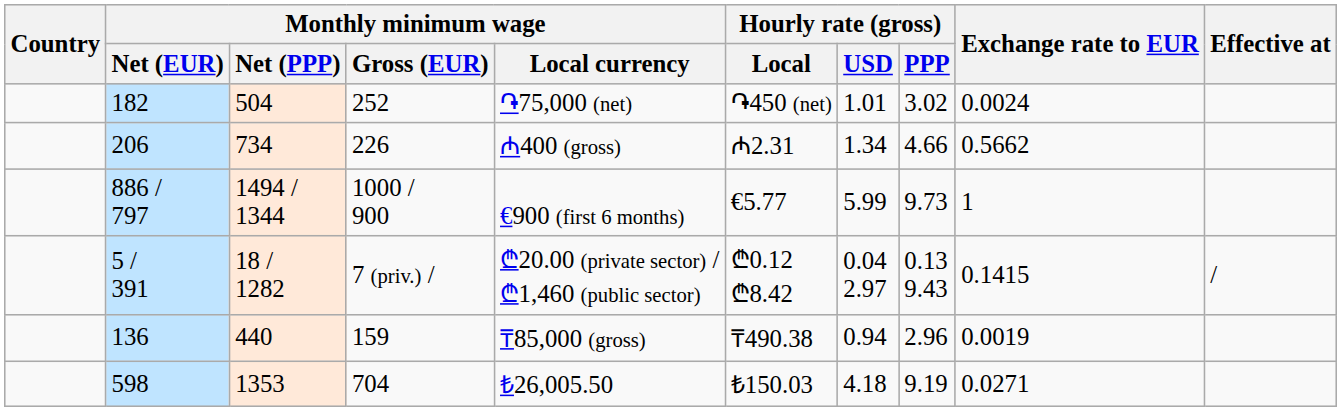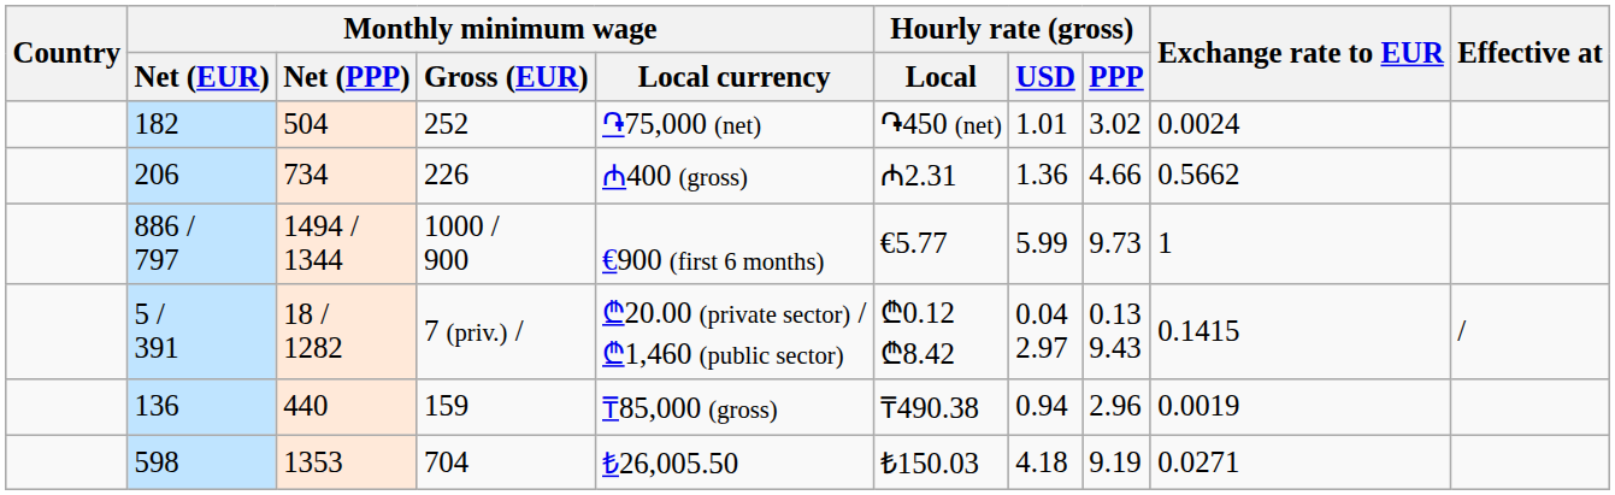 <table class="wikitable sortable static-row-numbers mw-datatable sticky-header-multi sort-under">
 <tr class="static-row-header">
 <th rowspan="2">Country</th>
 <th colspan="4">Monthly minimum wage</th>
 <th colspan="3">Hourly rate (gross)</th>
 <th rowspan="2" data-sort-type="number">Exchange rate to <a href='#'>EUR</a></th>
 <th rowspan="2">Effective at</th>
 </tr>
 <tr>
 <th data-sort-type="number">Net (<a href='#'>EUR</a>)</th>
 <th data-sort-type="number">Net (<a href='#'>PPP</a>)</th>
 <th data-sort-type="number">Gross (<a href='#'>EUR</a>)</th>
 <th data-sort-type="number">Local currency</th>
 <th data-sort-type="number">Local</th>
 <th data-sort-type="number"><a href='#'>USD</a></th>
 <th data-sort-type="number"><a href='#'>PPP</a></th>
 </tr>
 <tr>
 <td></td>
 <td style="background:#bfe4ff;">182</td>
 <td style="background:#ffe9d9;">504</td>
 <td> 252</td>
 <td><a href='#'>֏</a>75,000 <small>(net)</small><br></td>
 <td>֏450 <small>(net)</small></td>
 <td>1.01</td>
 <td>3.02</td>
 <td>0.0024</td>
 <td></td>
 </tr>
 <tr>
 <td></td>
 <td style="background:#bfe4ff;">206</td>
 <td style="background:#ffe9d9;">734</td>
 <td> 226</td>
 <td><a href='#'>₼</a>400 <small>(gross)</small><br></td>
 <td>₼2.31</td>
-<td>1.34</td>
+<td>1.36</td>
 <td>4.66</td>
 <td>0.5662</td>
 <td></td>
 </tr>
 <tr>
 <td></td>
 <td style="background:#bfe4ff;">886 /<br>797</td>
 <td style="background:#ffe9d9;">1494 /<br> 1344</td>
 <td> 1000 /<br>900</td>
 <td><br><a href='#'>€</a>900 <small>(first 6 months)</small> </td>
 <td>€5.77</td>
 <td>5.99</td>
 <td>9.73</td>
 <td>1</td>
 <td></td>
 </tr>
 <tr>
 <td></td>
 <td style="background:#bfe4ff;">5 /<br>391</td>
 <td style="background:#ffe9d9;">18 /<br>1282</td>
 <td> 7 <small>(priv.)</small> /<br></td>
 <td><a href='#'>₾</a>20.00 <small>(private sector)</small>  /<br><a href='#'>₾</a>1,460 <small>(public sector)</small>  </td>
 <td>₾0.12<br>₾8.42</td>
 <td>0.04<br>2.97</td>
 <td>0.13<br>9.43</td>
 <td>0.1415</td>
 <td> /<br></td>
 </tr>
 <tr>
 <td></td>
 <td style="background:#bfe4ff;">136</td>
 <td style="background:#ffe9d9;">440</td>
 <td> 159</td>
 <td><a href='#'>₸</a>85,000 <small>(gross)</small><br></td>
 <td>₸490.38</td>
 <td>0.94</td>
 <td>2.96</td>
 <td>0.0019</td>
 <td></td>
 </tr>
 <tr>
 <td></td>
 <td style="background:#bfe4ff;">598</td>
 <td style="background:#ffe9d9;">1353</td>
 <td> 704</td>
 <td><a href='#'>₺</a>26,005.50<br></td>
 <td>₺150.03</td>
 <td>4.18</td>
 <td>9.19</td>
 <td>0.0271</td>
 <td></td>
 </tr>
 </table>
